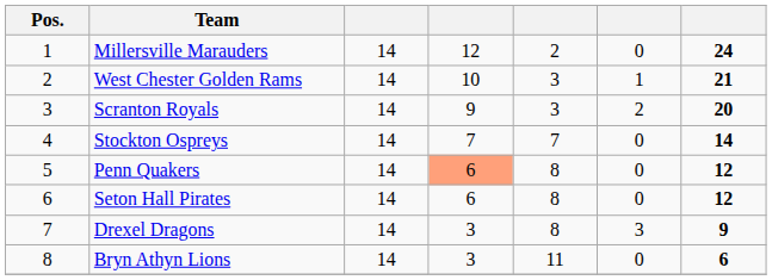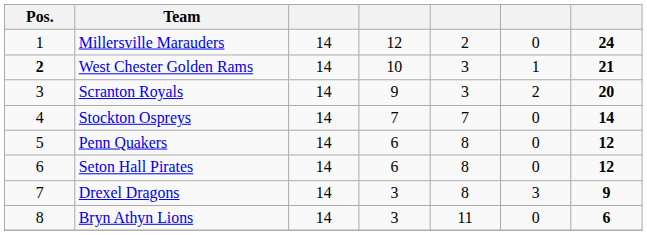 <table class="wikitable sortable">
 <tr>
 <th style="width: 4em;">Pos.</th>
 <th style="width: 13em;">Team</th>
 <th style="width: 4em;"></th>
 <th style="width: 4em;"></th>
 <th style="width: 4em;"></th>
 <th style="width: 4em;"></th>
 <th style="width: 4em;"></th>
 </tr>
 <tr style="text-align:center;">
 <td style="text-align:center;">1</td>
 <td style="text-align:left;"><a href='#'>Millersville Marauders</a></td>
 <td>14</td>
 <td>12</td>
 <td>2</td>
 <td>0</td>
 <td><strong>24</strong></td>
 </tr>
 <tr style="text-align:center;">
-<td style="text-align:center;">2</td>
+<td style="text-align:center;"><strong>2</strong></td>
 <td style="text-align:left;"><a href='#'>West Chester Golden Rams</a></td>
 <td>14</td>
 <td>10</td>
 <td>3</td>
 <td>1</td>
 <td><strong>21</strong></td>
 </tr>
 <tr style="text-align:center;">
 <td style="text-align:center;">3</td>
 <td style="text-align:left;"><a href='#'>Scranton Royals</a></td>
 <td>14</td>
 <td>9</td>
 <td>3</td>
 <td>2</td>
 <td><strong>20</strong></td>
 </tr>
 <tr style="text-align:center;">
 <td style="text-align:center;">4</td>
 <td style="text-align:left;"><a href='#'>Stockton Ospreys</a></td>
 <td>14</td>
 <td>7</td>
 <td>7</td>
 <td>0</td>
 <td><strong>14</strong></td>
 </tr>
 <tr style="text-align:center;">
 <td style="text-align:center;">5</td>
 <td style="text-align:left;"><a href='#'>Penn Quakers</a></td>
 <td>14</td>
-<td style="background: lightsalmon;">6</td>
+<td>6</td>
 <td>8</td>
 <td>0</td>
 <td><strong>12</strong></td>
 </tr>
 <tr style="text-align:center;">
 <td style="text-align:center;">6</td>
 <td style="text-align:left;"><a href='#'>Seton Hall Pirates</a></td>
 <td>14</td>
 <td>6</td>
 <td>8</td>
 <td>0</td>
 <td><strong>12</strong></td>
 </tr>
 <tr style="text-align:center;">
 <td style="text-align:center;">7</td>
 <td style="text-align:left;"><a href='#'>Drexel Dragons</a></td>
 <td>14</td>
 <td>3</td>
 <td>8</td>
 <td>3</td>
 <td><strong>9</strong></td>
 </tr>
 <tr style="text-align:center;">
 <td style="text-align:center;">8</td>
 <td style="text-align:left;"><a href='#'>Bryn Athyn Lions</a></td>
 <td>14</td>
 <td>3</td>
 <td>11</td>
 <td>0</td>
 <td><strong>6</strong></td>
 </tr>
 <tr style="text-align:center;">
 </tr>
 </table>
